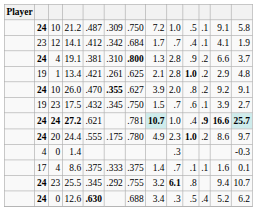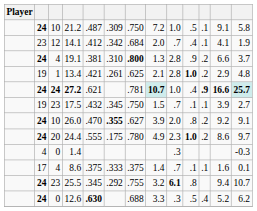 <table class="wikitable sortable" style="font-size:95%; text-align:right;">
 <tr>
 <th>Player</th>
 <th></th>
 <th></th>
 <th></th>
 <th></th>
 <th></th>
 <th></th>
 <th></th>
 <th></th>
 <th></th>
 <th></th>
 <th></th>
 <th></th>
 </tr>
 <tr>
 <td><strong></strong></td>
 <td><strong>24</strong></td>
 <td>10</td>
 <td>21.2</td>
 <td>.487</td>
 <td>.309</td>
 <td>.750</td>
 <td>7.2</td>
 <td>1.0</td>
 <td>.5</td>
 <td>.1</td>
 <td>9.1</td>
 <td>5.8</td>
 </tr>
 <tr>
 <td><strong></strong></td>
 <td>23</td>
 <td>12</td>
 <td>14.1</td>
 <td>.412</td>
 <td>.342</td>
 <td>.684</td>
-<td>1.7</td>
+<td>2.0</td>
 <td>.7</td>
 <td>.4</td>
 <td>.1</td>
 <td>4.1</td>
 <td>1.9</td>
 </tr>
 <tr>
 <td><strong></strong></td>
 <td><strong>24</strong></td>
 <td>4</td>
 <td>19.1</td>
 <td>.381</td>
 <td>.310</td>
 <td><strong>.800</strong></td>
 <td>1.3</td>
 <td>2.8</td>
 <td>.9</td>
 <td>.2</td>
 <td>6.6</td>
 <td>3.7</td>
 </tr>
 <tr>
 <td><strong></strong></td>
 <td>19</td>
 <td>1</td>
 <td>13.4</td>
 <td>.421</td>
 <td>.261</td>
 <td>.625</td>
 <td>2.1</td>
 <td>2.8</td>
 <td><strong>1.0</strong></td>
 <td>.2</td>
 <td>2.9</td>
 <td>4.8</td>
 </tr>
 <tr>
 <td><strong></strong></td>
 <td><strong>24</strong></td>
+<td><strong>24</strong></td>
+<td><strong>27.2</strong></td>
+<td>.621</td>
+<td></td>
+<td>.781</td>
+<td style="background:#CFECEC;"><strong>10.7</strong></td>
+<td>1.0</td>
+<td>.4</td>
+<td><strong>.9</strong></td>
+<td><strong>16.6</strong></td>
+<td style="background:#CFECEC;"><strong>25.7</strong></td>
+</tr>
+<tr>
+<td><strong></strong></td>
+<td>19</td>
+<td>23</td>
+<td>17.5</td>
+<td>.432</td>
+<td>.345</td>
+<td>.750</td>
+<td>1.5</td>
+<td>.7</td>
+<td>.1</td>
+<td>.1</td>
+<td>3.9</td>
+<td>2.7</td>
+</tr>
+<tr>
+<td><strong></strong></td>
+<td><strong>24</strong></td>
 <td>10</td>
 <td>26.0</td>
 <td>.470</td>
 <td><strong>.355</strong></td>
 <td>.627</td>
 <td>3.9</td>
 <td>2.0</td>
 <td>.8</td>
 <td>.2</td>
 <td>9.2</td>
 <td>9.1</td>
-</tr>
-<tr>
-<td><strong></strong></td>
-<td>19</td>
-<td>23</td>
-<td>17.5</td>
-<td>.432</td>
-<td>.345</td>
-<td>.750</td>
-<td>1.5</td>
-<td>.7</td>
-<td>.6</td>
-<td>.1</td>
-<td>3.9</td>
-<td>2.7</td>
-</tr>
-<tr>
-<td><strong></strong></td>
-<td><strong>24</strong></td>
-<td><strong>24</strong></td>
-<td><strong>27.2</strong></td>
-<td>.621</td>
-<td></td>
-<td>.781</td>
-<td style="background:#CFECEC;"><strong>10.7</strong></td>
-<td>1.0</td>
-<td>.4</td>
-<td><strong>.9</strong></td>
-<td><strong>16.6</strong></td>
-<td style="background:#CFECEC;"><strong>25.7</strong></td>
 </tr>
 <tr>
 <td><strong></strong></td>
 <td><strong>24</strong></td>
 <td>20</td>
 <td>24.4</td>
 <td>.555</td>
 <td>.175</td>
 <td>.780</td>
 <td>4.9</td>
 <td>2.3</td>
 <td><strong>1.0</strong></td>
 <td>.2</td>
 <td>8.6</td>
 <td>9.7</td>
 </tr>
 <tr>
 <td><strong></strong></td>
 <td>4</td>
 <td>0</td>
 <td>1.4</td>
 <td></td>
 <td></td>
 <td></td>
 <td></td>
 <td>.3</td>
 <td></td>
 <td></td>
 <td></td>
 <td>-0.3</td>
 </tr>
 <tr>
 <td><strong></strong></td>
 <td>17</td>
 <td>4</td>
 <td>8.6</td>
 <td>.375</td>
 <td>.333</td>
 <td>.375</td>
 <td>1.4</td>
 <td>.7</td>
 <td>.1</td>
 <td>.1</td>
 <td>1.6</td>
 <td>0.1</td>
 </tr>
 <tr>
 <td><strong></strong></td>
 <td><strong>24</strong></td>
 <td>23</td>
 <td>25.5</td>
 <td>.345</td>
 <td>.292</td>
 <td>.755</td>
 <td>3.2</td>
 <td><strong>6.1</strong></td>
 <td>.8</td>
 <td></td>
 <td>9.4</td>
 <td>10.7</td>
 </tr>
 <tr>
 <td><strong></strong></td>
 <td><strong>24</strong></td>
 <td>0</td>
 <td>12.6</td>
 <td><strong>.630</strong></td>
 <td></td>
 <td>.688</td>
-<td>3.4</td>
+<td>3.3</td>
 <td>.3</td>
 <td>.5</td>
 <td>.4</td>
 <td>5.2</td>
 <td>6.2</td>
 </tr>
 <tr>
 </tr>
 </table>
